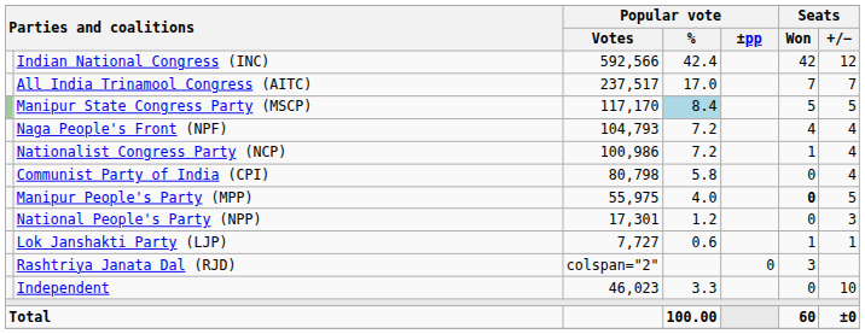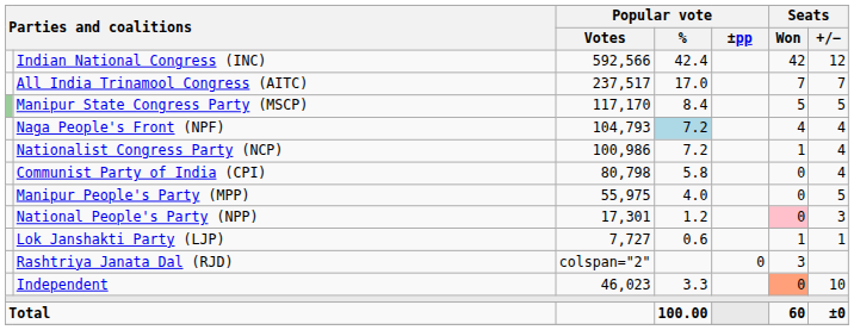 <table class="wikitable" style="text-align:right; font-size:95%;">
 <tr>
 </tr>
 <tr>
 <th style="text-align:left;" rowspan="2" colspan="2" width="485">Parties and coalitions</th>
 <th colspan="3">Popular vote</th>
 <th colspan="2">Seats</th>
 </tr>
 <tr>
 <th width="70">Votes</th>
 <th width="45">%</th>
 <th width="45">±<a href='#'>pp</a></th>
 <th width="30">Won</th>
 <th width="30">+/−</th>
 </tr>
 <tr>
 <td style="color:inherit;background:"></td>
 <td align="left"><a href='#'>Indian National Congress</a> (INC)</td>
 <td>592,566</td>
 <td>42.4</td>
 <td></td>
 <td>42</td>
 <td>12</td>
 </tr>
 <tr>
 <td style="color:inherit;background:"></td>
 <td align="left"><a href='#'>All India Trinamool Congress</a> (AITC)</td>
 <td>237,517</td>
 <td>17.0</td>
 <td></td>
 <td>7</td>
 <td>7</td>
 </tr>
 <tr>
 <td width="1" style="color:inherit;background:#99CC99"></td>
 <td align="left"><a href='#'>Manipur State Congress Party</a> (MSCP)</td>
 <td>117,170</td>
-<td style="background: lightblue;">8.4</td>
+<td>8.4</td>
 <td></td>
 <td>5</td>
 <td>5</td>
 </tr>
 <tr>
 <td style="color:inherit;background:"></td>
 <td align="left"><a href='#'>Naga People's Front</a> (NPF)</td>
 <td>104,793</td>
-<td>7.2</td>
+<td style="background: lightblue;">7.2</td>
 <td></td>
 <td>4</td>
 <td>4</td>
 </tr>
 <tr>
 <td style="color:inherit;background:"></td>
 <td align="left"><a href='#'>Nationalist Congress Party</a> (NCP)</td>
 <td>100,986</td>
 <td>7.2</td>
 <td></td>
 <td>1</td>
 <td>4</td>
 </tr>
 <tr>
 <td style="color:inherit;background:"></td>
 <td align="left"><a href='#'>Communist Party of India</a> (CPI)</td>
 <td>80,798</td>
 <td>5.8</td>
 <td></td>
 <td>0</td>
 <td>4</td>
 </tr>
 <tr>
 <td style="color:inherit;background:"></td>
 <td align="left"><a href='#'>Manipur People's Party</a> (MPP)</td>
 <td>55,975</td>
 <td>4.0</td>
 <td></td>
-<td><strong>0</strong></td>
+<td>0</td>
 <td>5</td>
 </tr>
 <tr>
 <td style="color:inherit;background:"></td>
 <td align="left"><a href='#'>National People's Party</a> (NPP)</td>
 <td>17,301</td>
 <td>1.2</td>
 <td></td>
-<td>0</td>
+<td style="background: pink;">0</td>
 <td>3</td>
 </tr>
 <tr>
 <td style="color:inherit;background:"></td>
 <td align="left"><a href='#'>Lok Janshakti Party</a> (LJP)</td>
 <td>7,727</td>
 <td>0.6</td>
 <td></td>
 <td>1</td>
 <td>1</td>
 </tr>
 <tr>
 <td style="color:inherit;background:"></td>
 <td align="left"><a href='#'>Rashtriya Janata Dal</a> (RJD)</td>
 <td>colspan="2" </td>
 <td></td>
 <td>0</td>
 <td>3</td>
 </tr>
 <tr>
 <td style="color:inherit;background:"></td>
 <td align="left"><a href='#'>Independent</a></td>
 <td>46,023</td>
 <td>3.3</td>
 <td></td>
-<td>0</td>
+<td style="background: lightsalmon;">0</td>
 <td>10</td>
 </tr>
 <tr>
 <td colspan="7" bgcolor="#E9E9E9"></td>
 </tr>
 <tr style="font-weight:bold;">
 <td align="left" colspan="2">Total</td>
 <td></td>
 <td>100.00</td>
 <td bgcolor="#E9E9E9"></td>
 <td>60</td>
 <td>±0</td>
 </tr>
 <tr>
 </tr>
 </table>
